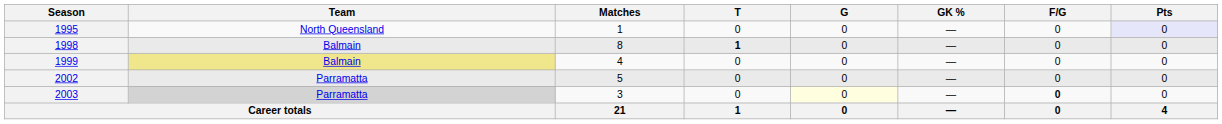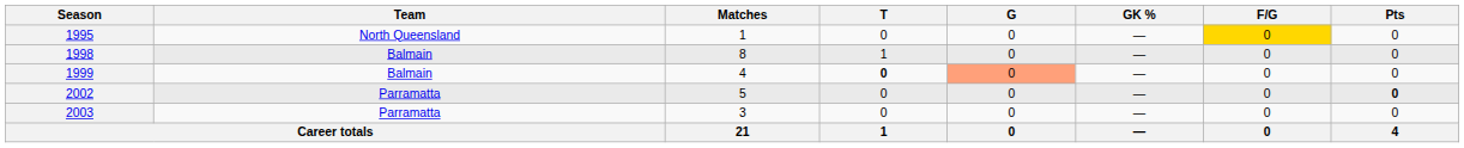 <table class="wikitable sortable"  style="font-size:90%; text-align:center; width:85%;">
 <tr>
 <th width=2%>Season</th>
 <th width=8%>Team</th>
 <th width=2%>Matches</th>
 <th width=2%>T</th>
 <th width=2%>G</th>
 <th width=2%>GK %</th>
 <th width=2%>F/G</th>
 <th width=2%>Pts</th>
 </tr>
 <tr>
 <th scope="row" style="text-align:center; font-weight:normal"><a href='#'>1995</a></th>
 <td style="text-align:center;"> <a href='#'>North Queensland</a></td>
 <td>1</td>
 <td>0</td>
 <td>0</td>
 <td>—</td>
+<td style="background: gold;">0</td>
 <td>0</td>
-<td style="background: lavender;">0</td>
 </tr>
 <tr style="background-color: #EAEAEA">
 <th scope="row" style="text-align:center; font-weight:normal"><a href='#'>1998</a></th>
 <td style="text-align:center;"> <a href='#'>Balmain</a></td>
 <td>8</td>
-<td><strong>1</strong></td>
+<td>1</td>
 <td>0</td>
 <td>—</td>
 <td>0</td>
 <td>0</td>
 </tr>
 <tr>
 <th scope="row" style="text-align:center; font-weight:normal"><a href='#'>1999</a></th>
-<td style="background: khaki; text-align:center;"> <a href='#'>Balmain</a></td>
+<td style="text-align:center;"> <a href='#'>Balmain</a></td>
 <td>4</td>
-<td>0</td>
-<td>0</td>
+<td><strong>0</strong></td>
+<td style="background: lightsalmon;">0</td>
 <td>—</td>
 <td>0</td>
 <td>0</td>
 </tr>
 <tr style="background-color: #EAEAEA">
 <th scope="row" style="text-align:center; font-weight:normal"><a href='#'>2002</a></th>
 <td style="text-align:center;"> <a href='#'>Parramatta</a></td>
 <td>5</td>
 <td>0</td>
 <td>0</td>
 <td>—</td>
 <td>0</td>
-<td>0</td>
+<td><strong>0</strong></td>
 </tr>
 <tr>
 <th scope="row" style="text-align:center; font-weight:normal"><a href='#'>2003</a></th>
-<td style="background: lightgrey; text-align:center;"> <a href='#'>Parramatta</a></td>
+<td style="text-align:center;"> <a href='#'>Parramatta</a></td>
 <td>3</td>
 <td>0</td>
-<td style="background: lightyellow;">0</td>
+<td>0</td>
 <td>—</td>
-<td><strong>0</strong></td>
+<td>0</td>
 <td>0</td>
 </tr>
 <tr class="sortbottom">
 <th colspan=2>Career totals</th>
 <th>21</th>
 <th>1</th>
 <th>0</th>
 <th>—</th>
 <th>0</th>
 <th>4</th>
 </tr>
 </table>
